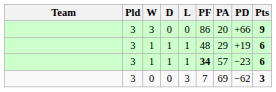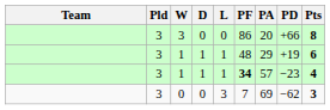 <table class="wikitable" style="text-align:center;">
 <tr>
 <th width=175>Team</th>
 <th width=20 abbr="Played">Pld</th>
 <th width=20 abbr="Won">W</th>
 <th width=20 abbr="Drawn">D</th>
 <th width=20 abbr="Lost">L</th>
 <th width=20 abbr="Points for">PF</th>
 <th width=20 abbr="Points against">PA</th>
 <th width=25 abbr="Points difference">PD</th>
 <th width=20 abbr="Points">Pts</th>
 </tr>
 <tr bgcolor=ccffcc>
 <td align=left></td>
 <td>3</td>
 <td>3</td>
 <td>0</td>
 <td>0</td>
 <td>86</td>
 <td>20</td>
 <td>+66</td>
-<td><strong>9</strong></td>
+<td><strong>8</strong></td>
 </tr>
 <tr bgcolor=ccffcc>
 <td align=left></td>
 <td>3</td>
 <td>1</td>
 <td>1</td>
 <td>1</td>
 <td>48</td>
 <td>29</td>
 <td>+19</td>
 <td><strong>6</strong></td>
 </tr>
 <tr bgcolor=ccffcc>
 <td align=left></td>
 <td>3</td>
 <td>1</td>
 <td>1</td>
 <td>1</td>
 <td><strong>34</strong></td>
 <td>57</td>
 <td>−23</td>
-<td><strong>6</strong></td>
+<td><strong>4</strong></td>
 </tr>
 <tr>
 <td align=left></td>
 <td>3</td>
 <td>0</td>
 <td>0</td>
 <td>3</td>
 <td>7</td>
 <td>69</td>
 <td>−62</td>
 <td><strong>3</strong></td>
 </tr>
 </table>
